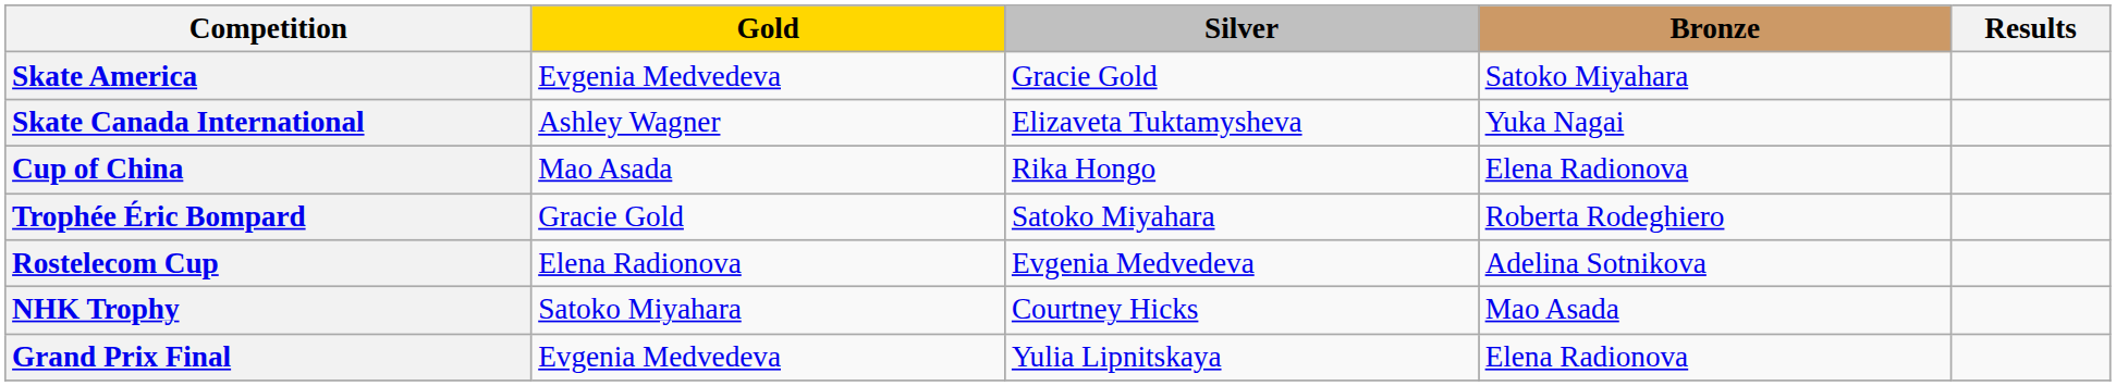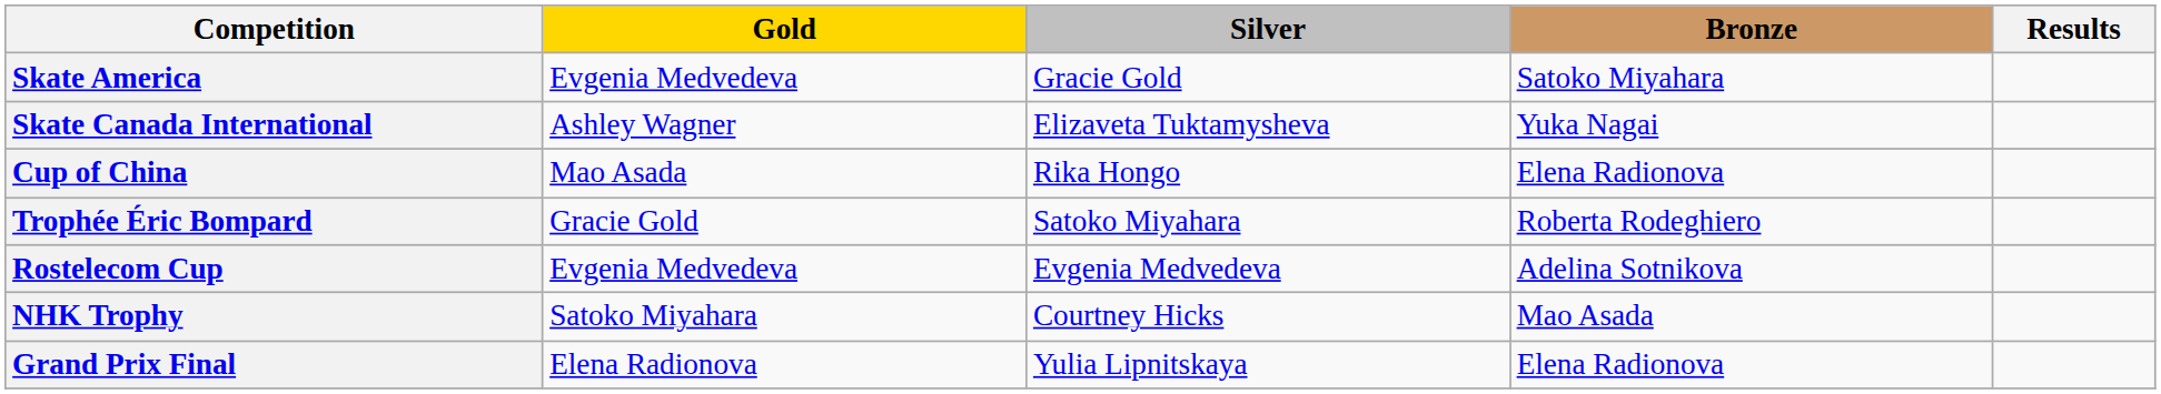 <table class="wikitable unsortable" style="text-align:left; width:90%">
 <tr>
 <th scope="col" style="text-align:center; width:25%;">Competition</th>
 <td scope="col" style="text-align:center; width:22.5%; background:gold"><strong>Gold</strong></td>
 <td scope="col" style="text-align:center; width:22.5%; background:silver"><strong>Silver</strong></td>
 <td scope="col" style="text-align:center; width:22.5%; background:#c96"><strong>Bronze</strong></td>
 <th scope="col" style="text-align:center; width:7.5%;">Results</th>
 </tr>
 <tr>
 <th scope="row" style="text-align:left"> <a href='#'>Skate America</a></th>
 <td> <a href='#'>Evgenia Medvedeva</a></td>
 <td> <a href='#'>Gracie Gold</a></td>
 <td> <a href='#'>Satoko Miyahara</a></td>
 <td></td>
 </tr>
 <tr>
 <th scope="row" style="text-align:left"> <a href='#'>Skate Canada International</a></th>
 <td> <a href='#'>Ashley Wagner</a></td>
 <td> <a href='#'>Elizaveta Tuktamysheva</a></td>
 <td> <a href='#'>Yuka Nagai</a></td>
 <td></td>
 </tr>
 <tr>
 <th scope="row" style="text-align:left"> <a href='#'>Cup of China</a></th>
 <td> <a href='#'>Mao Asada</a></td>
 <td> <a href='#'>Rika Hongo</a></td>
 <td> <a href='#'>Elena Radionova</a></td>
 <td></td>
 </tr>
 <tr>
 <th scope="row" style="text-align:left"> <a href='#'>Trophée Éric Bompard</a></th>
 <td> <a href='#'>Gracie Gold</a></td>
 <td> <a href='#'>Satoko Miyahara</a></td>
 <td> <a href='#'>Roberta Rodeghiero</a></td>
 <td></td>
 </tr>
 <tr>
 <th scope="row" style="text-align:left"> <a href='#'>Rostelecom Cup</a></th>
-<td> <a href='#'>Elena Radionova</a></td>
+<td> <a href='#'>Evgenia Medvedeva</a></td>
 <td> <a href='#'>Evgenia Medvedeva</a></td>
 <td> <a href='#'>Adelina Sotnikova</a></td>
 <td></td>
 </tr>
 <tr>
 <th scope="row" style="text-align:left"> <a href='#'>NHK Trophy</a></th>
 <td> <a href='#'>Satoko Miyahara</a></td>
 <td> <a href='#'>Courtney Hicks</a></td>
 <td> <a href='#'>Mao Asada</a></td>
 <td></td>
 </tr>
 <tr>
 <th scope="row" style="text-align:left"> <a href='#'>Grand Prix Final</a></th>
-<td> <a href='#'>Evgenia Medvedeva</a></td>
+<td> <a href='#'>Elena Radionova</a></td>
 <td> <a href='#'>Yulia Lipnitskaya</a></td>
 <td> <a href='#'>Elena Radionova</a></td>
 <td></td>
 </tr>
 </table>
